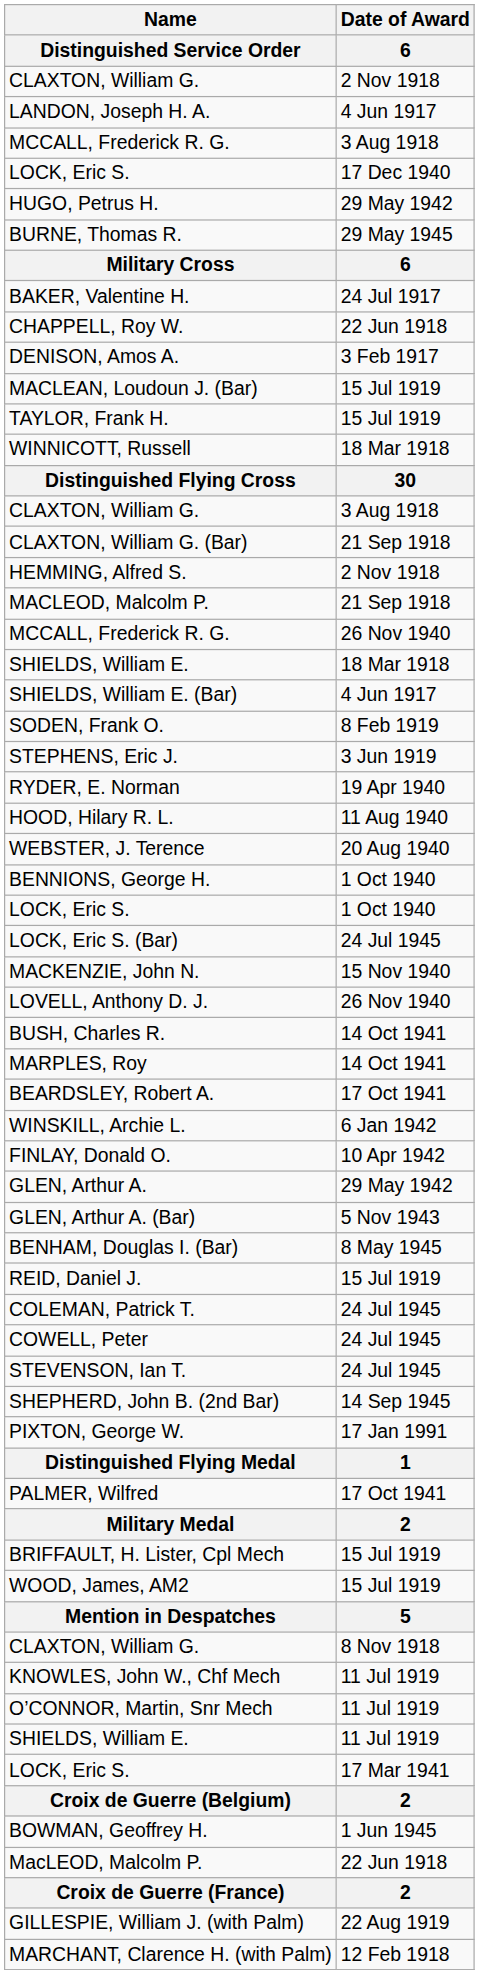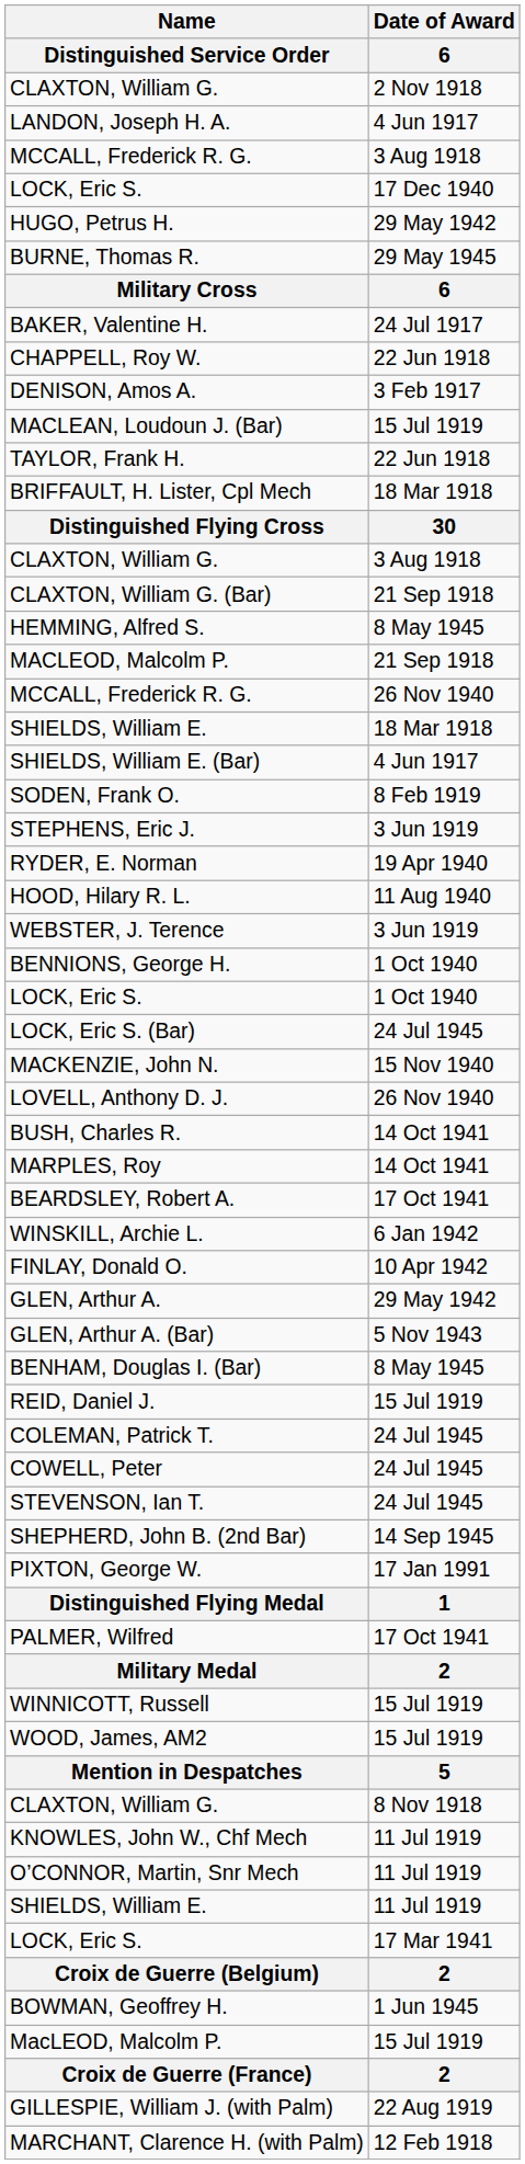 <table class="wikitable">
 <tr>
 <th>Name</th>
 <th>Date of Award</th>
 </tr>
 <tr>
 <th>Distinguished Service Order</th>
 <th>6</th>
 </tr>
 <tr>
 <td>CLAXTON, William G.</td>
 <td>2 Nov 1918</td>
 </tr>
 <tr>
 <td>LANDON, Joseph H. A.</td>
 <td>4 Jun 1917</td>
 </tr>
 <tr>
 <td>MCCALL, Frederick R. G.</td>
 <td>3 Aug 1918</td>
 </tr>
 <tr>
 <td>LOCK, Eric S.</td>
 <td>17 Dec 1940</td>
 </tr>
 <tr>
 <td>HUGO, Petrus H.</td>
 <td>29 May 1942</td>
 </tr>
 <tr>
 <td>BURNE, Thomas R.</td>
 <td>29 May 1945</td>
 </tr>
 <tr>
 <th>Military Cross</th>
 <th>6</th>
 </tr>
 <tr>
 <td>BAKER, Valentine H.</td>
 <td>24 Jul 1917</td>
 </tr>
 <tr>
 <td>CHAPPELL, Roy W.</td>
 <td>22 Jun 1918</td>
 </tr>
 <tr>
 <td>DENISON, Amos A.</td>
 <td>3 Feb 1917</td>
 </tr>
 <tr>
 <td>MACLEAN, Loudoun J. (Bar)</td>
 <td>15 Jul 1919</td>
 </tr>
 <tr>
 <td>TAYLOR, Frank H.</td>
-<td>15 Jul 1919</td>
+<td>22 Jun 1918</td>
 </tr>
 <tr>
-<td>WINNICOTT, Russell</td>
+<td>BRIFFAULT, H. Lister, Cpl Mech</td>
 <td>18 Mar 1918</td>
 </tr>
 <tr>
 <th>Distinguished Flying Cross</th>
 <th>30</th>
 </tr>
 <tr>
 <td>CLAXTON, William G.</td>
 <td>3 Aug 1918</td>
 </tr>
 <tr>
 <td>CLAXTON, William G. (Bar)</td>
 <td>21 Sep 1918</td>
 </tr>
 <tr>
 <td>HEMMING, Alfred S.</td>
-<td>2 Nov 1918</td>
+<td>8 May 1945</td>
 </tr>
 <tr>
 <td>MACLEOD, Malcolm P.</td>
 <td>21 Sep 1918</td>
 </tr>
 <tr>
 <td>MCCALL, Frederick R. G.</td>
 <td>26 Nov 1940</td>
 </tr>
 <tr>
 <td>SHIELDS, William E.</td>
 <td>18 Mar 1918</td>
 </tr>
 <tr>
 <td>SHIELDS, William E. (Bar)</td>
 <td>4 Jun 1917</td>
 </tr>
 <tr>
 <td>SODEN, Frank O.</td>
 <td>8 Feb 1919</td>
 </tr>
 <tr>
 <td>STEPHENS, Eric J.</td>
 <td>3 Jun 1919</td>
 </tr>
 <tr>
 <td>RYDER, E. Norman</td>
 <td>19 Apr 1940</td>
 </tr>
 <tr>
 <td>HOOD, Hilary R. L.</td>
 <td>11 Aug 1940</td>
 </tr>
 <tr>
 <td>WEBSTER, J. Terence</td>
-<td>20 Aug 1940</td>
+<td>3 Jun 1919</td>
 </tr>
 <tr>
 <td>BENNIONS, George H.</td>
 <td>1 Oct 1940</td>
 </tr>
 <tr>
 <td>LOCK, Eric S.</td>
 <td>1 Oct 1940</td>
 </tr>
 <tr>
 <td>LOCK, Eric S. (Bar)</td>
 <td>24 Jul 1945</td>
 </tr>
 <tr>
 <td>MACKENZIE, John N.</td>
 <td>15 Nov 1940</td>
 </tr>
 <tr>
 <td>LOVELL, Anthony D. J.</td>
 <td>26 Nov 1940</td>
 </tr>
 <tr>
 <td>BUSH, Charles R.</td>
 <td>14 Oct 1941</td>
 </tr>
 <tr>
 <td>MARPLES, Roy</td>
 <td>14 Oct 1941</td>
 </tr>
 <tr>
 <td>BEARDSLEY, Robert A.</td>
 <td>17 Oct 1941</td>
 </tr>
 <tr>
 <td>WINSKILL, Archie L.</td>
 <td>6 Jan 1942</td>
 </tr>
 <tr>
 <td>FINLAY, Donald O.</td>
 <td>10 Apr 1942</td>
 </tr>
 <tr>
 <td>GLEN, Arthur A.</td>
 <td>29 May 1942</td>
 </tr>
 <tr>
 <td>GLEN, Arthur A. (Bar)</td>
 <td>5 Nov 1943</td>
 </tr>
 <tr>
 <td>BENHAM, Douglas I. (Bar)</td>
 <td>8 May 1945</td>
 </tr>
 <tr>
 <td>REID, Daniel J.</td>
 <td>15 Jul 1919</td>
 </tr>
 <tr>
 <td>COLEMAN, Patrick T.</td>
 <td>24 Jul 1945</td>
 </tr>
 <tr>
 <td>COWELL, Peter</td>
 <td>24 Jul 1945</td>
 </tr>
 <tr>
 <td>STEVENSON, Ian T.</td>
 <td>24 Jul 1945</td>
 </tr>
 <tr>
 <td>SHEPHERD, John B. (2nd Bar)</td>
 <td>14 Sep 1945</td>
 </tr>
 <tr>
 <td>PIXTON, George W.</td>
 <td>17 Jan 1991</td>
 </tr>
 <tr>
 <th>Distinguished Flying Medal</th>
 <th>1</th>
 </tr>
 <tr>
 <td>PALMER, Wilfred</td>
 <td>17 Oct 1941</td>
 </tr>
 <tr>
 <th>Military Medal</th>
 <th>2</th>
 </tr>
 <tr>
-<td>BRIFFAULT, H. Lister, Cpl Mech</td>
+<td>WINNICOTT, Russell</td>
 <td>15 Jul 1919</td>
 </tr>
 <tr>
 <td>WOOD, James, AM2</td>
 <td>15 Jul 1919</td>
 </tr>
 <tr>
 <th>Mention in Despatches</th>
 <th>5</th>
 </tr>
 <tr>
 <td>CLAXTON, William G.</td>
 <td>8 Nov 1918</td>
 </tr>
 <tr>
 <td>KNOWLES, John W., Chf Mech</td>
 <td>11 Jul 1919</td>
 </tr>
 <tr>
 <td>O’CONNOR, Martin, Snr Mech</td>
 <td>11 Jul 1919</td>
 </tr>
 <tr>
 <td>SHIELDS, William E.</td>
 <td>11 Jul 1919</td>
 </tr>
 <tr>
 <td>LOCK, Eric S.</td>
 <td>17 Mar 1941</td>
 </tr>
 <tr>
 <th>Croix de Guerre (Belgium)</th>
 <th>2</th>
 </tr>
 <tr>
 <td>BOWMAN, Geoffrey H.</td>
 <td>1 Jun 1945</td>
 </tr>
 <tr>
 <td>MacLEOD, Malcolm P.</td>
-<td>22 Jun 1918</td>
+<td>15 Jul 1919</td>
 </tr>
 <tr>
 <th>Croix de Guerre (France)</th>
 <th>2</th>
 </tr>
 <tr>
 <td>GILLESPIE, William J. (with Palm)</td>
 <td>22 Aug 1919</td>
 </tr>
 <tr>
 <td>MARCHANT, Clarence H. (with Palm)</td>
 <td>12 Feb 1918</td>
 </tr>
 </table>
